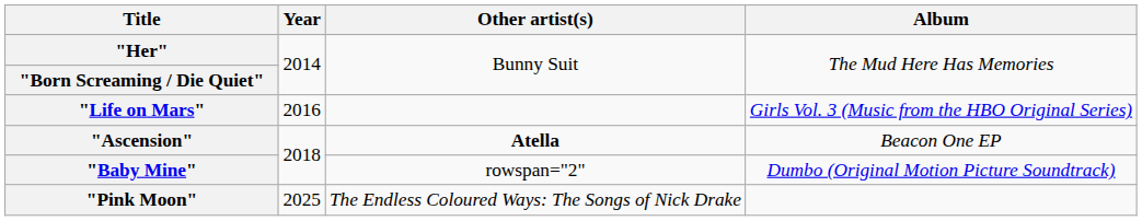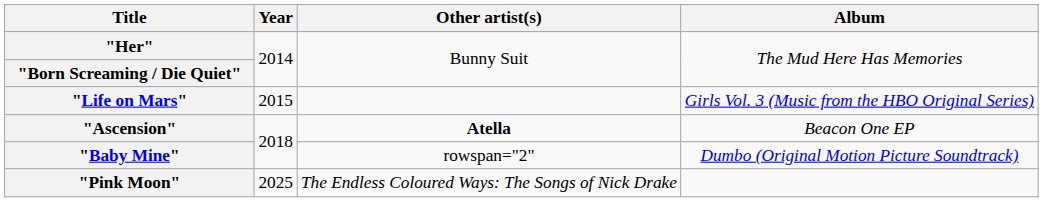 <table class="wikitable plainrowheaders" style="text-align:center;" border="2">
 <tr>
 <th scope="col" style="width:14em;">Title</th>
 <th scope="col">Year</th>
 <th scope="col">Other artist(s)</th>
 <th scope="col">Album</th>
 </tr>
 <tr>
 <th scope="row">"Her"</th>
 <td rowspan="2">2014</td>
 <td rowspan="2">Bunny Suit</td>
 <td rowspan="2"><em>The Mud Here Has Memories</em></td>
 </tr>
 <tr>
 <th scope="row">"Born Screaming / Die Quiet"</th>
 </tr>
 <tr>
 <th scope="row">"<a href='#'>Life on Mars</a>"</th>
-<td>2016</td>
+<td>2015</td>
 <td></td>
 <td><em><a href='#'>Girls Vol. 3 (Music from the HBO Original Series)</a></em></td>
 </tr>
 <tr>
 <th scope="row">"Ascension"</th>
 <td rowspan="2">2018</td>
 <td><strong>Atella</strong></td>
 <td><em>Beacon One EP</em></td>
 </tr>
 <tr>
 <th scope="row">"<a href='#'>Baby Mine</a>"</th>
 <td>rowspan="2" </td>
 <td><em><a href='#'>Dumbo (Original Motion Picture Soundtrack)</a></em></td>
 </tr>
 <tr>
 <th scope="row">"Pink Moon"</th>
 <td>2025</td>
 <td><em>The Endless Coloured Ways: The Songs of Nick Drake</em></td>
 </tr>
 </table>
